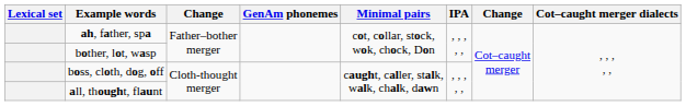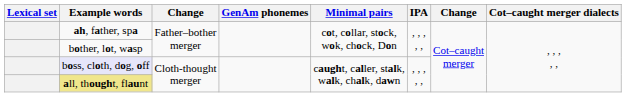 <table class="wikitable" style="text-align: center;">
 <tr>
 <th scope="col"><a href='#'>Lexical set</a></th>
 <th scope="col">Example words</th>
 <th scope="col">Change</th>
 <th scope="col"><a href='#'>GenAm</a> phonemes</th>
 <th scope="col"><a href='#'>Minimal pairs</a></th>
 <th scope="col">IPA</th>
 <th scope="col">Change</th>
 <th scope="col">Cot–caught merger dialects</th>
 </tr>
 <tr>
 <th scope="row"></th>
 <td><strong>ah</strong>, f<strong>a</strong>ther, sp<strong>a</strong></td>
 <td rowspan="2">Father–bother<br>merger</td>
 <td rowspan="2"></td>
 <td rowspan="2">c<strong>o</strong>t, c<strong>o</strong>llar, st<strong>o</strong>ck,<br>w<strong>o</strong>k, ch<strong>o</strong>ck, D<strong>o</strong>n</td>
 <td rowspan="2">, , ,<br>, , </td>
 <td rowspan="4"><a href='#'>Cot–caught<br>merger</a></td>
 <td rowspan="4">, , ,<br>, , </td>
 </tr>
 <tr>
 <th scope="row"></th>
 <td>b<strong>o</strong>ther, l<strong>o</strong>t, w<strong>a</strong>sp</td>
 </tr>
 <tr>
 <th scope="row"></th>
-<td>b<strong>o</strong>ss, cl<strong>o</strong>th, d<strong>o</strong>g, <strong>o</strong>ff</td>
+<td style="background: lavender;">b<strong>o</strong>ss, cl<strong>o</strong>th, d<strong>o</strong>g, <strong>o</strong>ff</td>
 <td rowspan="2">Cloth-thought<br>merger</td>
 <td rowspan="2"></td>
 <td rowspan="2">c<strong>augh</strong>t, c<strong>al</strong>ler, st<strong>al</strong>k,<br>w<strong>al</strong>k, ch<strong>al</strong>k, d<strong>aw</strong>n</td>
 <td rowspan="2">, , ,<br>, , </td>
 </tr>
 <tr>
 <th scope="row"></th>
-<td><strong>a</strong>ll, th<strong>ough</strong>t, fl<strong>au</strong>nt</td>
+<td style="background: khaki;"><strong>a</strong>ll, th<strong>ough</strong>t, fl<strong>au</strong>nt</td>
 </tr>
 </table>
